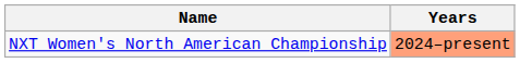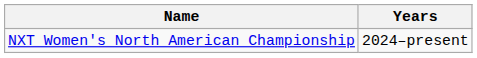 <table class="wikitable">
 <tr>
 <th>Name</th>
 <th>Years</th>
 </tr>
 <tr>
 <td><a href='#'>NXT Women's North American Championship</a></td>
-<td style="background: lightsalmon;">2024–present</td>
+<td>2024–present</td>
 </tr>
 </table>
